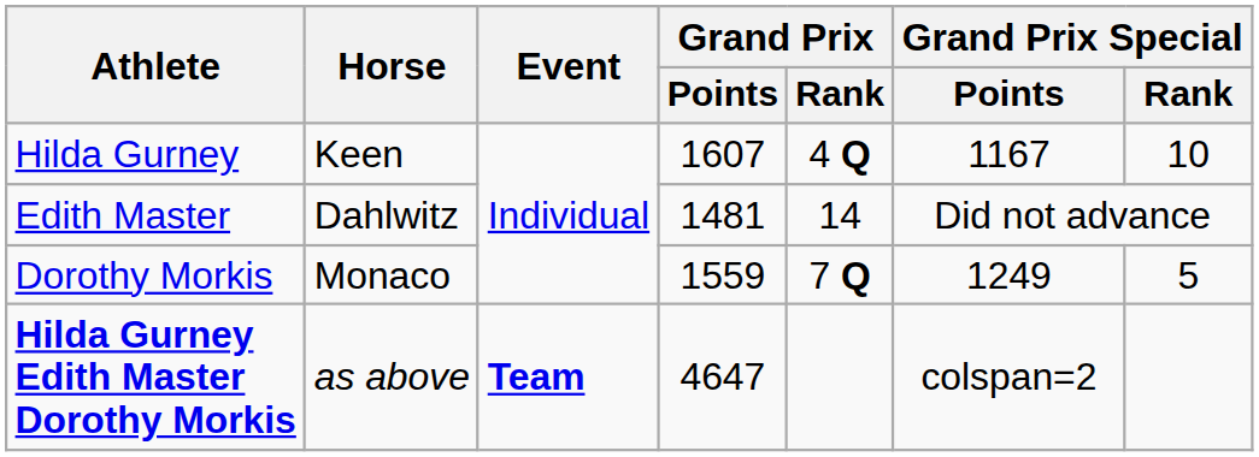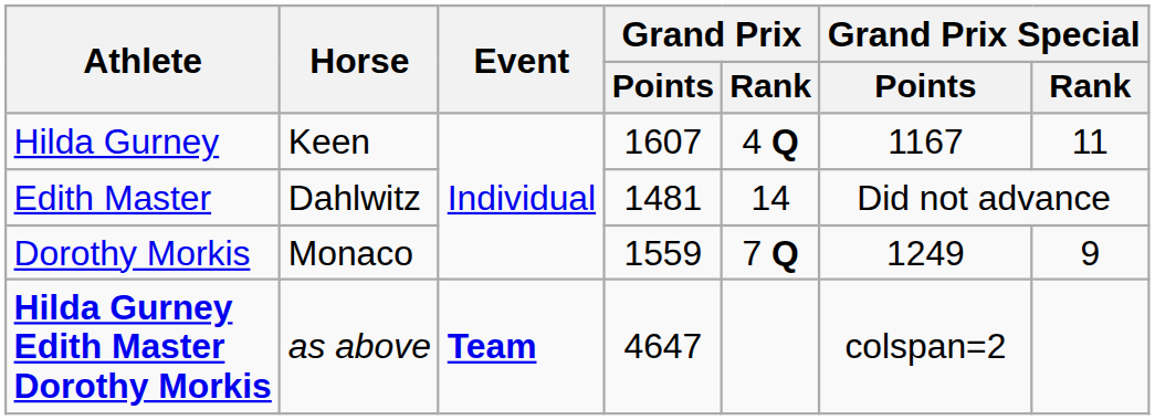 <table class=wikitable style=font-size:90%;text-align:center>
 <tr>
 <th rowspan=2>Athlete</th>
 <th rowspan=2>Horse</th>
 <th rowspan=2>Event</th>
 <th colspan=2>Grand Prix</th>
 <th colspan=2>Grand Prix Special</th>
 </tr>
 <tr style=font-size:95%>
 <th>Points</th>
 <th>Rank</th>
 <th>Points</th>
 <th>Rank</th>
 </tr>
 <tr>
 <td align=left><a href='#'>Hilda Gurney</a></td>
 <td align=left>Keen</td>
 <td align=left rowspan=3><a href='#'>Individual</a></td>
 <td>1607</td>
 <td>4 <strong>Q</strong></td>
 <td>1167</td>
-<td>10</td>
+<td>11</td>
 </tr>
 <tr>
 <td align=left><a href='#'>Edith Master</a></td>
 <td align=left>Dahlwitz</td>
 <td>1481</td>
 <td>14</td>
 <td colspan=2>Did not advance</td>
 </tr>
 <tr>
 <td align=left><a href='#'>Dorothy Morkis</a></td>
 <td align=left>Monaco</td>
 <td>1559</td>
 <td>7 <strong>Q</strong></td>
 <td>1249</td>
-<td>5</td>
+<td>9</td>
 </tr>
 <tr>
 <td align=left><strong><a href='#'>Hilda Gurney</a><br><a href='#'>Edith Master</a><br><a href='#'>Dorothy Morkis</a></strong></td>
 <td align=left><em>as above</em></td>
 <td align=left><strong><a href='#'>Team</a></strong></td>
 <td>4647</td>
 <td></td>
 <td>colspan=2 </td>
 </tr>
 </table>
